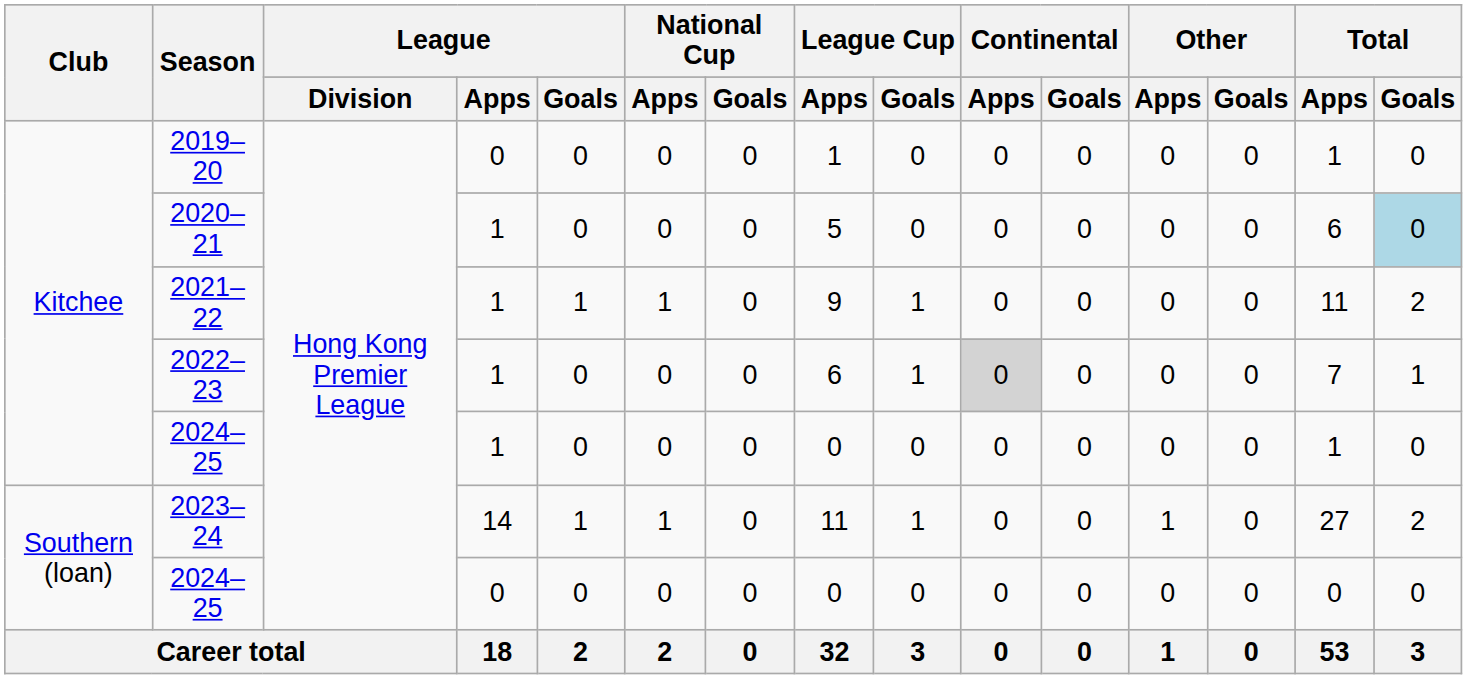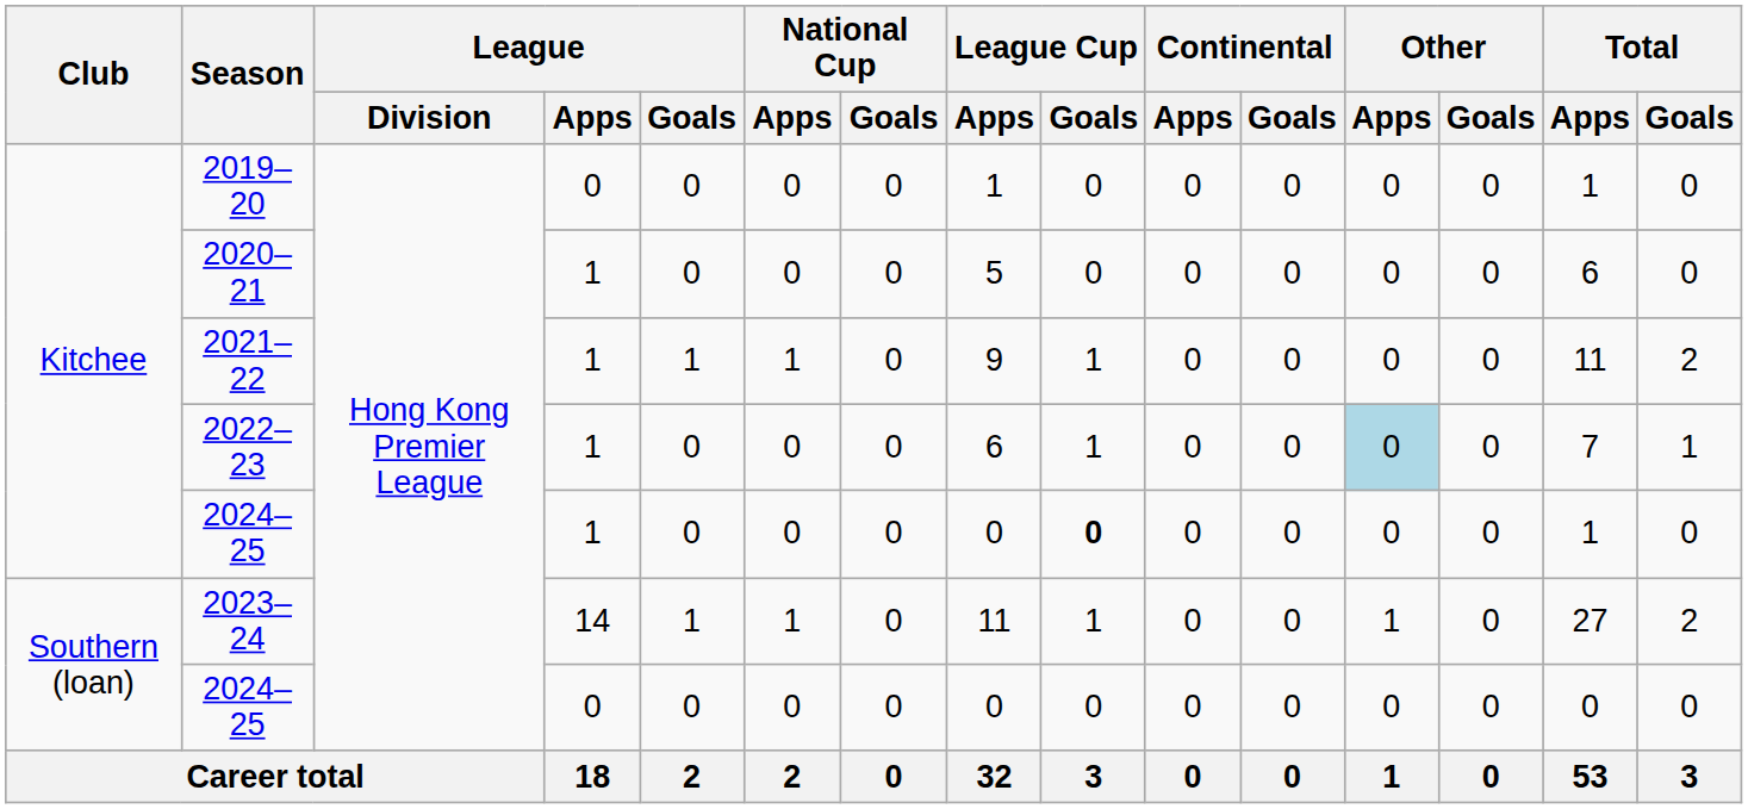 <table class="wikitable" style="text-align: center">
 <tr>
 <th rowspan="2">Club</th>
 <th rowspan="2">Season</th>
 <th colspan="3">League</th>
 <th colspan="2">National Cup</th>
 <th colspan="2">League Cup</th>
 <th colspan="2">Continental</th>
 <th colspan="2">Other</th>
 <th colspan="2">Total</th>
 </tr>
 <tr>
 <th>Division</th>
 <th>Apps</th>
 <th>Goals</th>
 <th>Apps</th>
 <th>Goals</th>
 <th>Apps</th>
 <th>Goals</th>
 <th>Apps</th>
 <th>Goals</th>
 <th>Apps</th>
 <th>Goals</th>
 <th>Apps</th>
 <th>Goals</th>
 </tr>
 <tr>
 <td rowspan="5"><a href='#'>Kitchee</a></td>
 <td><a href='#'>2019–20</a></td>
 <td rowspan="7"><a href='#'>Hong Kong Premier League</a></td>
 <td>0</td>
 <td>0</td>
 <td>0</td>
 <td>0</td>
 <td>1</td>
 <td>0</td>
 <td>0</td>
 <td>0</td>
 <td>0</td>
 <td>0</td>
 <td>1</td>
 <td>0</td>
 </tr>
 <tr>
 <td><a href='#'>2020–21</a></td>
 <td>1</td>
 <td>0</td>
 <td>0</td>
 <td>0</td>
 <td>5</td>
 <td>0</td>
 <td>0</td>
 <td>0</td>
 <td>0</td>
 <td>0</td>
 <td>6</td>
-<td style="background: lightblue;">0</td>
+<td>0</td>
 </tr>
 <tr>
 <td><a href='#'>2021–22</a></td>
 <td>1</td>
 <td>1</td>
 <td>1</td>
 <td>0</td>
 <td>9</td>
 <td>1</td>
 <td>0</td>
 <td>0</td>
 <td>0</td>
 <td>0</td>
 <td>11</td>
 <td>2</td>
 </tr>
 <tr>
 <td><a href='#'>2022–23</a></td>
 <td>1</td>
 <td>0</td>
 <td>0</td>
 <td>0</td>
 <td>6</td>
 <td>1</td>
-<td style="background: lightgrey;">0</td>
 <td>0</td>
 <td>0</td>
+<td style="background: lightblue;">0</td>
 <td>0</td>
 <td>7</td>
 <td>1</td>
 </tr>
 <tr>
 <td><a href='#'>2024–25</a></td>
 <td>1</td>
 <td>0</td>
 <td>0</td>
 <td>0</td>
 <td>0</td>
-<td>0</td>
+<td><strong>0</strong></td>
 <td>0</td>
 <td>0</td>
 <td>0</td>
 <td>0</td>
 <td>1</td>
 <td>0</td>
 </tr>
 <tr>
 <td rowspan="2"><a href='#'>Southern</a> (loan)</td>
 <td><a href='#'>2023–24</a></td>
 <td>14</td>
 <td>1</td>
 <td>1</td>
 <td>0</td>
 <td>11</td>
 <td>1</td>
 <td>0</td>
 <td>0</td>
 <td>1</td>
 <td>0</td>
 <td>27</td>
 <td>2</td>
 </tr>
 <tr>
 <td><a href='#'>2024–25</a></td>
 <td>0</td>
 <td>0</td>
 <td>0</td>
 <td>0</td>
 <td>0</td>
 <td>0</td>
 <td>0</td>
 <td>0</td>
 <td>0</td>
 <td>0</td>
 <td>0</td>
 <td>0</td>
 </tr>
 <tr>
 <th colspan="3">Career total</th>
 <th>18</th>
 <th>2</th>
 <th>2</th>
 <th>0</th>
 <th>32</th>
 <th>3</th>
 <th>0</th>
 <th>0</th>
 <th>1</th>
 <th>0</th>
 <th>53</th>
 <th>3</th>
 </tr>
 </table>
